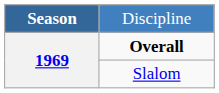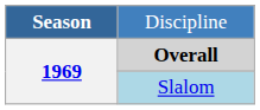 <table class="wikitable" style="font-size:95%; text-align:center; border:grey solid 1px; border-collapse:collapse;" width="15%">
 <tr style="background-color:#369; color:white;">
 <td rowspan="2" colspan="1" width="10%"><strong>Season</strong></td>
 </tr>
 <tr style="background-color:#4180be; color:white;">
 <td width="10%">Discipline</td>
 </tr>
 <tr>
 <th rowspan=2><strong><a href='#'>1969</a></strong></th>
-<td><strong>Overall</strong></td>
+<td style="background: lightgrey;"><strong>Overall</strong></td>
 </tr>
 <tr>
-<td><a href='#'>Slalom</a></td>
+<td style="background: lightblue;"><a href='#'>Slalom</a></td>
 </tr>
 </table>
